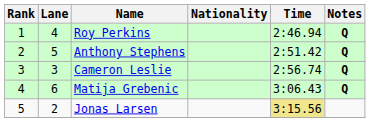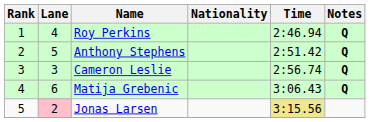 <table class="wikitable">
 <tr>
 <th>Rank</th>
 <th>Lane</th>
 <th>Name</th>
 <th>Nationality</th>
 <th>Time</th>
 <th>Notes</th>
 </tr>
 <tr bgcolor=ccffcc>
 <td align=center>1</td>
 <td align=center>4</td>
 <td><a href='#'>Roy Perkins</a></td>
 <td></td>
 <td align=center>2:46.94</td>
 <td align=center><strong>Q</strong></td>
 </tr>
 <tr bgcolor=ccffcc>
 <td align=center>2</td>
 <td align=center>5</td>
 <td><a href='#'>Anthony Stephens</a></td>
 <td></td>
 <td align=center>2:51.42</td>
 <td align=center><strong>Q</strong></td>
 </tr>
 <tr bgcolor=ccffcc>
 <td align=center>3</td>
 <td align=center>3</td>
 <td><a href='#'>Cameron Leslie</a></td>
 <td></td>
 <td align=center>2:56.74</td>
 <td align=center><strong>Q</strong></td>
 </tr>
 <tr bgcolor=ccffcc>
 <td align=center>4</td>
 <td align=center>6</td>
 <td><a href='#'>Matija Grebenic</a></td>
 <td></td>
 <td align=center>3:06.43</td>
 <td align=center><strong>Q</strong></td>
 </tr>
 <tr>
 <td align=center>5</td>
-<td align=center>2</td>
+<td align=center style="background: pink;">2</td>
 <td><a href='#'>Jonas Larsen</a></td>
 <td></td>
 <td align=center style="background: khaki;">3:15.56</td>
 <td align=center></td>
 </tr>
 <tr>
 </tr>
 </table>
